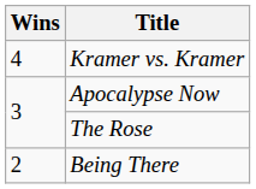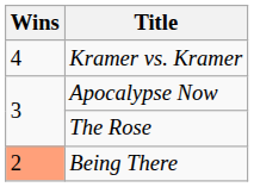 <table class="wikitable">
 <tr>
 <th>Wins</th>
 <th>Title</th>
 </tr>
 <tr>
 <td>4</td>
 <td><em>Kramer vs. Kramer</em></td>
 </tr>
 <tr>
 <td rowspan="2">3</td>
 <td><em>Apocalypse Now</em></td>
 </tr>
 <tr>
 <td><em>The Rose</em></td>
 </tr>
 <tr>
-<td>2</td>
+<td style="background: lightsalmon;">2</td>
 <td><em>Being There</em></td>
 </tr>
 </table>
